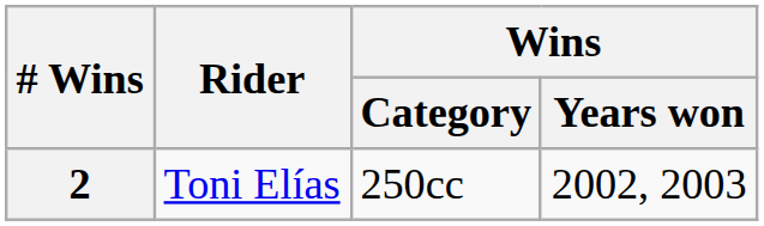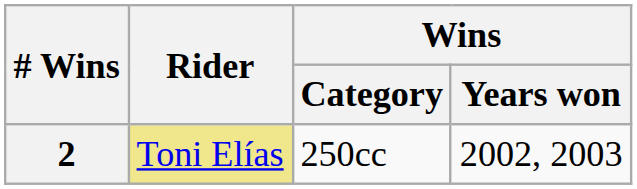 <table class="wikitable" style="font-size: 95%;">
 <tr>
 <th rowspan=2># Wins</th>
 <th rowspan=2>Rider</th>
 <th colspan=2>Wins</th>
 </tr>
 <tr>
 <th>Category</th>
 <th>Years won</th>
 </tr>
 <tr>
 <th>2</th>
-<td> <a href='#'>Toni Elías</a></td>
+<td style="background: khaki;"> <a href='#'>Toni Elías</a></td>
 <td>250cc</td>
 <td>2002, 2003</td>
 </tr>
 </table>
